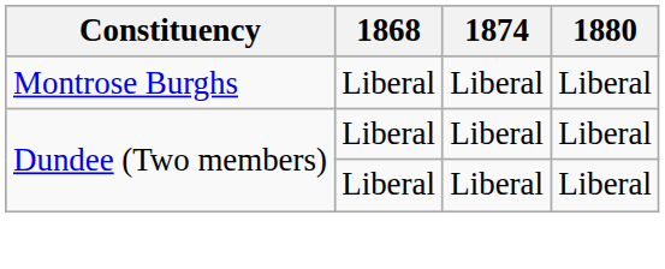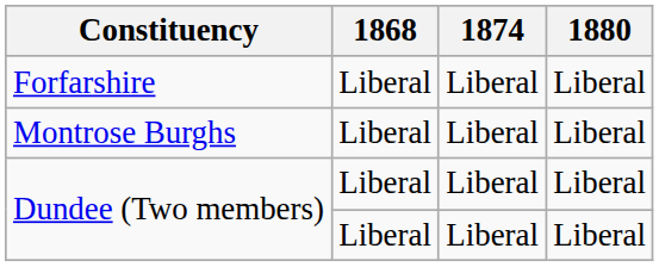 <table class="wikitable">
 <tr>
 <th>Constituency</th>
 <th>1868</th>
 <th>1874</th>
 <th>1880</th>
+</tr>
+<tr>
+<td><a href='#'>Forfarshire</a></td>
+<td>Liberal</td>
+<td>Liberal</td>
+<td>Liberal</td>
 </tr>
 <tr>
 <td><a href='#'>Montrose Burghs</a></td>
 <td>Liberal</td>
 <td>Liberal</td>
 <td>Liberal</td>
 </tr>
 <tr>
 <td rowspan="2"><a href='#'>Dundee</a> (Two members)</td>
 <td>Liberal</td>
 <td>Liberal</td>
 <td>Liberal</td>
 </tr>
 <tr>
 <td>Liberal</td>
 <td>Liberal</td>
 <td>Liberal</td>
 </tr>
 </table>
